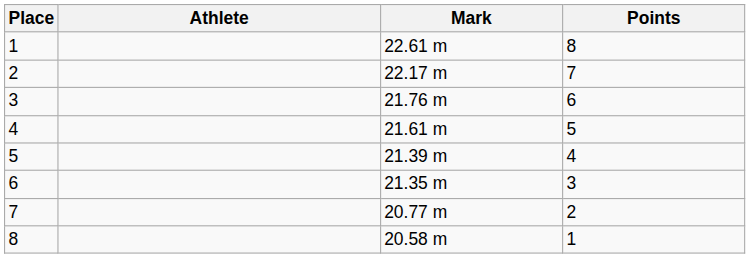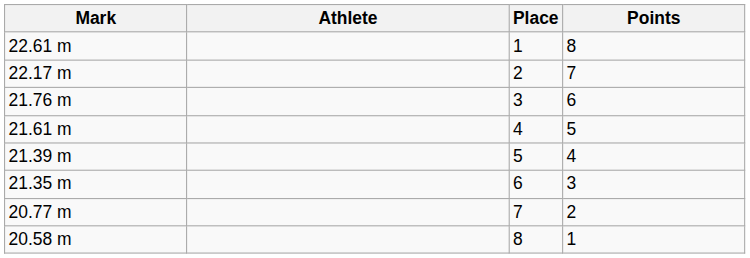 <table class=wikitable>
 <tr>
+<th style="width:10em">Mark</th>
+<th style="width:18em">Athlete</th>
 <th>Place</th>
-<th style="width:18em">Athlete</th>
-<th style="width:10em">Mark</th>
 <th style="width:10em">Points</th>
 </tr>
 <tr>
+<td>22.61 m   </td>
+<td></td>
 <td>1</td>
-<td></td>
-<td>22.61 m   </td>
 <td>8</td>
 </tr>
 <tr>
+<td>22.17 m</td>
+<td></td>
 <td>2</td>
-<td></td>
-<td>22.17 m</td>
 <td>7</td>
 </tr>
 <tr>
+<td>21.76 m</td>
+<td></td>
 <td>3</td>
-<td></td>
-<td>21.76 m</td>
 <td>6</td>
 </tr>
 <tr>
+<td>21.61 m</td>
+<td></td>
 <td>4</td>
-<td></td>
-<td>21.61 m</td>
 <td>5</td>
 </tr>
 <tr>
+<td>21.39 m</td>
+<td></td>
 <td>5</td>
-<td></td>
-<td>21.39 m</td>
 <td>4</td>
 </tr>
 <tr>
+<td>21.35 m</td>
+<td></td>
 <td>6</td>
-<td></td>
-<td>21.35 m</td>
 <td>3</td>
 </tr>
 <tr>
+<td>20.77 m</td>
+<td></td>
 <td>7</td>
-<td></td>
-<td>20.77 m</td>
 <td>2</td>
 </tr>
 <tr>
+<td>20.58 m</td>
+<td></td>
 <td>8</td>
-<td></td>
-<td>20.58 m</td>
 <td>1</td>
 </tr>
 </table>
